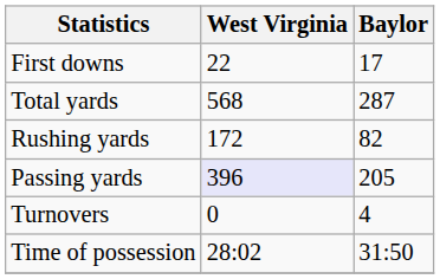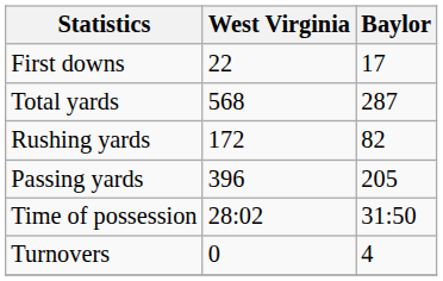 <table class="wikitable" style="float: left;">
 <tr>
 <th>Statistics</th>
 <th>West Virginia</th>
 <th>Baylor</th>
 </tr>
 <tr>
 <td>First downs</td>
 <td>22</td>
 <td>17</td>
 </tr>
 <tr>
 <td>Total yards</td>
 <td>568</td>
 <td>287</td>
 </tr>
 <tr>
 <td>Rushing yards</td>
 <td>172</td>
 <td>82</td>
 </tr>
 <tr>
 <td>Passing yards</td>
-<td style="background: lavender;">396</td>
+<td>396</td>
 <td>205</td>
+</tr>
+<tr>
+<td>Time of possession</td>
+<td>28:02</td>
+<td>31:50</td>
 </tr>
 <tr>
 <td>Turnovers</td>
 <td>0</td>
 <td>4</td>
 </tr>
 <tr>
-<td>Time of possession</td>
-<td>28:02</td>
-<td>31:50</td>
-</tr>
-<tr>
 </tr>
 </table>
